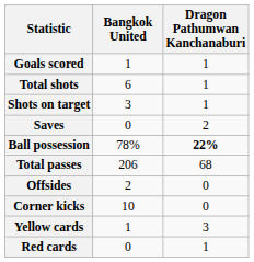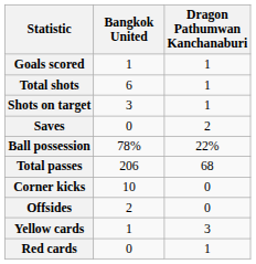 <table class="wikitable plainrowheaders" style="text-align:center">
 <tr>
 <th scope="col">Statistic</th>
 <th scope="col" style="width:80px">Bangkok United</th>
 <th scope="col" style="width:80px">Dragon Pathumwan Kanchanaburi</th>
 </tr>
 <tr>
 <th scope=row>Goals scored</th>
 <td>1</td>
 <td>1</td>
 </tr>
 <tr>
 <th scope=row>Total shots</th>
 <td>6</td>
 <td>1</td>
 </tr>
 <tr>
 <th scope=row>Shots on target</th>
 <td>3</td>
 <td>1</td>
 </tr>
 <tr>
 <th scope=row>Saves</th>
 <td>0</td>
 <td>2</td>
 </tr>
 <tr>
 <th scope=row>Ball possession</th>
 <td>78%</td>
-<td><strong>22%</strong></td>
+<td>22%</td>
 </tr>
 <tr>
 <th scope=row>Total passes</th>
 <td>206</td>
 <td>68</td>
 </tr>
 <tr>
-<th scope=row>Offsides</th>
-<td>2</td>
+<th scope=row>Corner kicks</th>
+<td>10</td>
 <td>0</td>
 </tr>
 <tr>
-<th scope=row>Corner kicks</th>
-<td>10</td>
+<th scope=row>Offsides</th>
+<td>2</td>
 <td>0</td>
 </tr>
 <tr>
 <th scope=row>Yellow cards</th>
 <td>1</td>
 <td>3</td>
 </tr>
 <tr>
 <th scope=row>Red cards</th>
 <td>0</td>
 <td>1</td>
 </tr>
 </table>
